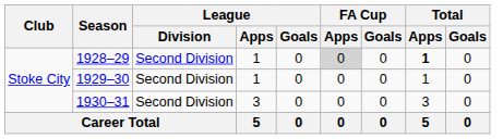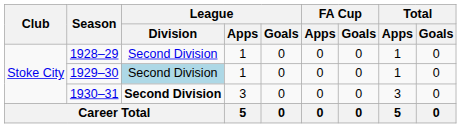 <table class="wikitable" style="text-align: center;">
 <tr>
 <th rowspan="2">Club</th>
 <th rowspan="2">Season</th>
 <th colspan="3">League</th>
 <th colspan="2">FA Cup</th>
 <th colspan="2">Total</th>
 </tr>
 <tr>
 <th>Division</th>
 <th>Apps</th>
 <th>Goals</th>
 <th>Apps</th>
 <th>Goals</th>
 <th>Apps</th>
 <th>Goals</th>
 </tr>
 <tr>
 <td rowspan="3"><a href='#'>Stoke City</a></td>
 <td><a href='#'>1928–29</a></td>
 <td><a href='#'>Second Division</a></td>
 <td>1</td>
 <td>0</td>
-<td style="background: lightgrey;">0</td>
 <td>0</td>
-<td><strong>1</strong></td>
+<td>0</td>
+<td>1</td>
 <td>0</td>
 </tr>
 <tr>
 <td><a href='#'>1929–30</a></td>
-<td>Second Division</td>
+<td style="background: lightblue;">Second Division</td>
 <td>1</td>
 <td>0</td>
 <td>0</td>
 <td>0</td>
 <td>1</td>
 <td>0</td>
 </tr>
 <tr>
 <td><a href='#'>1930–31</a></td>
-<td>Second Division</td>
+<td><strong>Second Division</strong></td>
 <td>3</td>
 <td>0</td>
 <td>0</td>
 <td>0</td>
 <td>3</td>
 <td>0</td>
 </tr>
 <tr>
 <th colspan="3">Career Total</th>
 <th>5</th>
 <th>0</th>
 <th>0</th>
 <th>0</th>
 <th>5</th>
 <th>0</th>
 </tr>
 </table>
